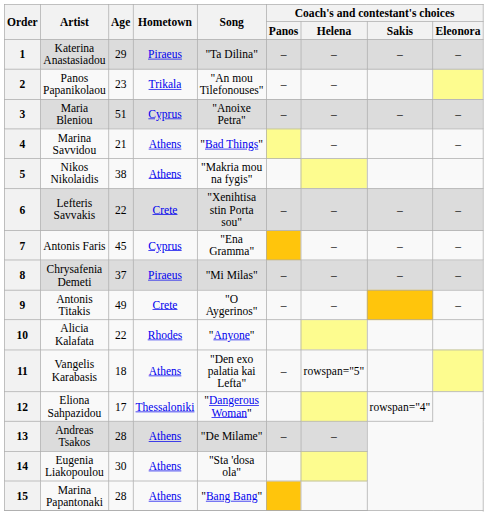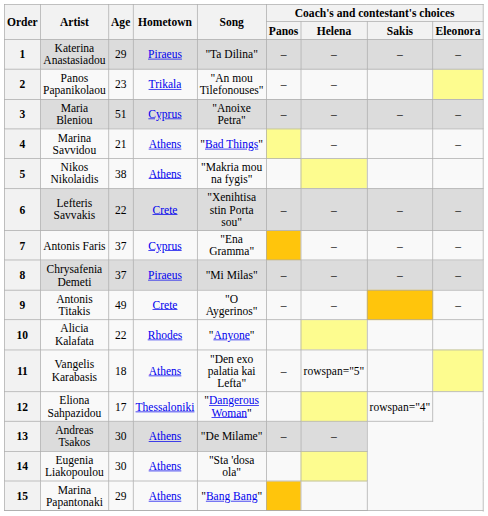 <table class="wikitable" style="text-align:center; line-height:17px; width:100%;">
 <tr>
 <th scope="col" rowspan="2" width="05%">Order</th>
 <th scope="col" rowspan="2" width="20%">Artist</th>
 <th scope="col" rowspan="2" width="05%">Age</th>
 <th scope="col" rowspan="2" width="18%">Hometown</th>
 <th scope="col" rowspan="2" width="20%">Song</th>
 <th scope="col" colspan="4" width="32%">Coach's and contestant's choices</th>
 </tr>
 <tr>
 <th width="08%">Panos</th>
 <th width="08%">Helena</th>
 <th width="08%">Sakis</th>
 <th width="08%">Eleonora</th>
 </tr>
 <tr style="background:#DCDCDC;" |>
 <th>1</th>
 <td>Katerina Anastasiadou</td>
 <td>29</td>
 <td><a href='#'>Piraeus</a></td>
 <td>"Ta Dilina"</td>
 <td>–</td>
 <td>–</td>
 <td>–</td>
 <td>–</td>
 </tr>
 <tr>
 <th>2</th>
 <td>Panos Papanikolaou</td>
 <td>23</td>
 <td><a href='#'>Trikala</a></td>
 <td>"An mou Tilefonouses"</td>
 <td>–</td>
 <td>–</td>
 <td></td>
 <td style="background:#fdfc8f;"></td>
 </tr>
 <tr style="background:#DCDCDC;" |>
 <th>3</th>
 <td>Maria Bleniou</td>
 <td>51</td>
 <td><a href='#'>Cyprus</a></td>
 <td>"Anoixe Petra"</td>
 <td>–</td>
 <td>–</td>
 <td>–</td>
 <td>–</td>
 </tr>
 <tr>
 <th>4</th>
 <td>Marina Savvidou</td>
 <td>21</td>
 <td><a href='#'>Athens</a></td>
 <td>"<a href='#'>Bad Things</a>"</td>
 <td style="background:#fdfc8f;"></td>
 <td>–</td>
 <td></td>
 <td>–</td>
 </tr>
 <tr>
 <th>5</th>
 <td>Nikos Nikolaidis</td>
 <td>38</td>
 <td><a href='#'>Athens</a></td>
 <td>"Makria mou na fygis"</td>
 <td></td>
 <td style="background:#fdfc8f;"></td>
 <td></td>
 <td></td>
 </tr>
 <tr style="background:#DCDCDC;" |>
 <th>6</th>
 <td>Lefteris Savvakis</td>
 <td>22</td>
 <td><a href='#'>Crete</a></td>
 <td>"Xenihtisa stin Porta sou"</td>
 <td>–</td>
 <td>–</td>
 <td>–</td>
 <td>–</td>
 </tr>
 <tr>
 <th>7</th>
 <td>Antonis Faris</td>
-<td>45</td>
+<td>37</td>
 <td><a href='#'>Cyprus</a></td>
 <td>"Ena Gramma"</td>
 <td style="background:#FFC50C;"></td>
 <td>–</td>
 <td>–</td>
 <td>–</td>
 </tr>
 <tr style="background:#DCDCDC;" |>
 <th>8</th>
 <td>Chrysafenia Demeti</td>
 <td>37</td>
 <td><a href='#'>Piraeus</a></td>
 <td>"Mi Milas"</td>
 <td>–</td>
 <td>–</td>
 <td>–</td>
 <td>–</td>
 </tr>
 <tr>
 <th>9</th>
 <td>Antonis Titakis</td>
 <td>49</td>
 <td><a href='#'>Crete</a></td>
 <td>"O Aygerinos"</td>
 <td>–</td>
 <td>–</td>
 <td style="background:#FFC50C;"></td>
 <td>–</td>
 </tr>
 <tr>
 <th>10</th>
 <td>Alicia Kalafata</td>
 <td>22</td>
 <td><a href='#'>Rhodes</a></td>
 <td>"<a href='#'>Anyone</a>"</td>
 <td></td>
 <td style="background:#fdfc8f;"></td>
 <td></td>
 <td></td>
 </tr>
 <tr>
 <th>11</th>
 <td>Vangelis Karabasis</td>
 <td>18</td>
 <td><a href='#'>Athens</a></td>
 <td>"Den exo palatia kai Lefta"</td>
 <td>–</td>
 <td>rowspan="5" </td>
 <td></td>
 <td style="background:#fdfc8f;"></td>
 </tr>
 <tr>
 <th>12</th>
 <td>Eliona Sahpazidou</td>
 <td>17</td>
 <td><a href='#'>Thessaloniki</a></td>
 <td>"<a href='#'>Dangerous Woman</a>"</td>
 <td></td>
 <td style="background:#fdfc8f;"></td>
 <td>rowspan="4" </td>
 </tr>
 <tr style="background:#DCDCDC;" |>
 <th>13</th>
 <td>Andreas Tsakos</td>
-<td>28</td>
+<td>30</td>
 <td><a href='#'>Athens</a></td>
 <td>"De Milame"</td>
 <td>–</td>
 <td>–</td>
 </tr>
 <tr>
 <th>14</th>
 <td>Eugenia Liakopoulou</td>
 <td>30</td>
 <td><a href='#'>Athens</a></td>
 <td>"Sta 'dosa ola"</td>
 <td></td>
 <td style="background:#fdfc8f;"></td>
 </tr>
 <tr>
 <th>15</th>
 <td>Marina Papantonaki</td>
-<td>28</td>
+<td>29</td>
 <td><a href='#'>Athens</a></td>
 <td>"<a href='#'>Bang Bang</a>"</td>
 <td style="background:#FFC50C;"></td>
 <td></td>
 </tr>
 <tr>
 </tr>
 </table>
